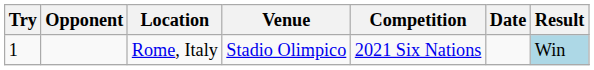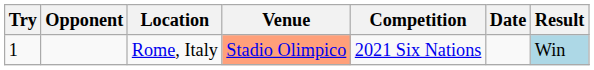 <table class="wikitable sortable" style="font-size:95%">
 <tr>
 <th>Try</th>
 <th>Opponent</th>
 <th>Location</th>
 <th>Venue</th>
 <th>Competition</th>
 <th>Date</th>
 <th>Result</th>
 </tr>
 <tr>
 <td>1</td>
 <td></td>
 <td><a href='#'>Rome</a>, Italy</td>
-<td><a href='#'>Stadio Olimpico</a></td>
+<td style="background: lightsalmon;"><a href='#'>Stadio Olimpico</a></td>
 <td><a href='#'>2021 Six Nations</a></td>
 <td></td>
 <td style="background: lightblue;">Win</td>
 </tr>
 <tr>
 </tr>
 </table>
